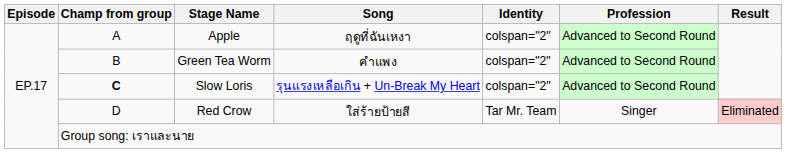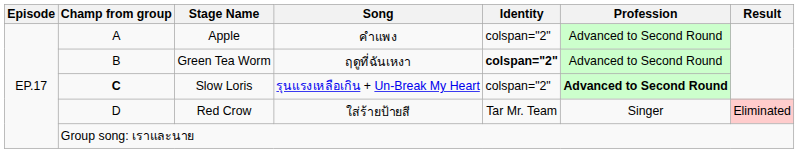 <table class="wikitable">
 <tr>
 <th>Episode</th>
 <th>Champ from group</th>
 <th>Stage Name</th>
 <th>Song</th>
 <th>Identity</th>
 <th>Profession</th>
 <th>Result</th>
 </tr>
 <tr>
 <td rowspan="5" align="center">EP.17</td>
 <td align="center">A</td>
 <td align="center">Apple</td>
-<td align="center">ฤดูที่ฉันเหงา</td>
+<td align="center">คำแพง</td>
 <td>colspan="2"  </td>
 <td style="text-align:center; background:#ccffcc;">Advanced to Second Round</td>
 </tr>
 <tr>
 <td align="center">B</td>
 <td align="center">Green Tea Worm</td>
-<td align="center">คำแพง</td>
-<td>colspan="2"  </td>
+<td align="center">ฤดูที่ฉันเหงา</td>
+<td><strong>colspan="2"  </strong></td>
 <td style="text-align:center; background:#ccffcc;">Advanced to Second Round</td>
 </tr>
 <tr>
 <td align="center"><strong>C</strong></td>
 <td align="center">Slow Loris</td>
 <td align="center"><a href='#'>รุนแรงเหลือเกิน</a> + <a href='#'>Un-Break My Heart</a></td>
 <td>colspan="2"  </td>
-<td style="text-align:center; background:#ccffcc;">Advanced to Second Round</td>
+<td style="text-align:center; background:#ccffcc;"><strong>Advanced to Second Round</strong></td>
 </tr>
 <tr>
 <td align="center">D</td>
 <td align="center">Red Crow</td>
 <td align="center">ใส่ร้ายป้ายสี</td>
 <td align="center">Tar Mr. Team</td>
 <td align="center">Singer</td>
 <td style="text-align:center; background:#ffcccc;">Eliminated</td>
 </tr>
 <tr>
 <td colspan="7">Group song: เราและนาย</td>
 </tr>
 </table>
